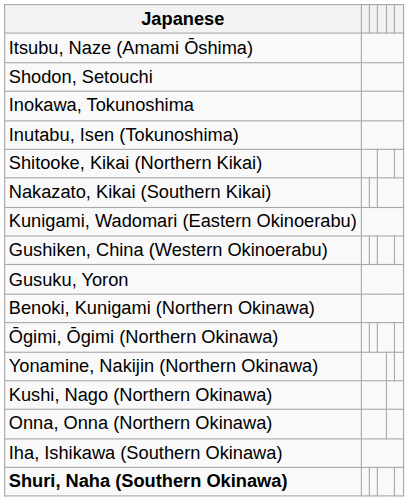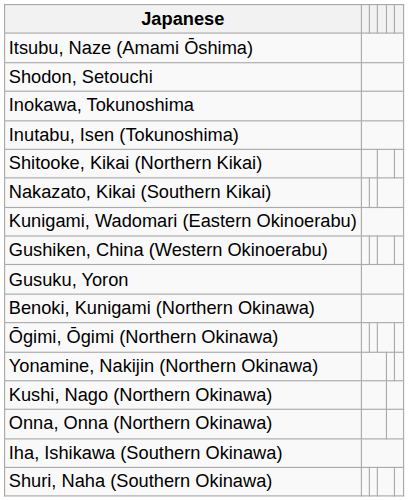 <table class="wikitable">
 <tr>
 <th>Japanese</th>
 <th></th>
 <th></th>
 <th></th>
 <th></th>
 <th></th>
 </tr>
 <tr>
 <td>Itsubu, Naze (Amami Ōshima)</td>
 <td colspan="5"></td>
 </tr>
 <tr>
 <td>Shodon, Setouchi</td>
 <td colspan="5"></td>
 </tr>
 <tr>
 <td>Inokawa, Tokunoshima</td>
 <td colspan="5"></td>
 </tr>
 <tr>
 <td>Inutabu, Isen (Tokunoshima)</td>
 <td colspan="5"></td>
 </tr>
 <tr>
 <td>Shitooke, Kikai (Northern Kikai)</td>
 <td colspan="2"></td>
 <td colspan="2"></td>
 <td></td>
 </tr>
 <tr>
 <td>Nakazato, Kikai (Southern Kikai)</td>
 <td></td>
 <td></td>
 <td colspan="3"></td>
 </tr>
 <tr>
 <td>Kunigami, Wadomari (Eastern Okinoerabu)</td>
 <td colspan="5"></td>
 </tr>
 <tr>
 <td>Gushiken, China (Western Okinoerabu)</td>
 <td></td>
 <td></td>
 <td colspan="2"></td>
 <td></td>
 </tr>
 <tr>
 <td>Gusuku, Yoron</td>
 <td colspan="5"></td>
 </tr>
 <tr>
 <td>Benoki, Kunigami (Northern Okinawa)</td>
 <td colspan="5"></td>
 </tr>
 <tr>
 <td>Ōgimi, Ōgimi (Northern Okinawa)</td>
 <td></td>
 <td></td>
 <td colspan="2"></td>
 <td></td>
 </tr>
 <tr>
 <td>Yonamine, Nakijin (Northern Okinawa)</td>
 <td colspan="3"></td>
 <td></td>
 <td></td>
 </tr>
 <tr>
 <td>Kushi, Nago (Northern Okinawa)</td>
 <td colspan="3"></td>
 <td colspan="2"></td>
 </tr>
 <tr>
 <td>Onna, Onna (Northern Okinawa)</td>
 <td colspan="3"></td>
 <td colspan="2"></td>
 </tr>
 <tr>
 <td>Iha, Ishikawa (Southern Okinawa)</td>
 <td colspan="5"></td>
 </tr>
 <tr>
-<td><strong>Shuri, Naha (Southern Okinawa)</strong></td>
+<td>Shuri, Naha (Southern Okinawa)</td>
 <td></td>
 <td></td>
 <td colspan="2"></td>
 <td></td>
 </tr>
 </table>
